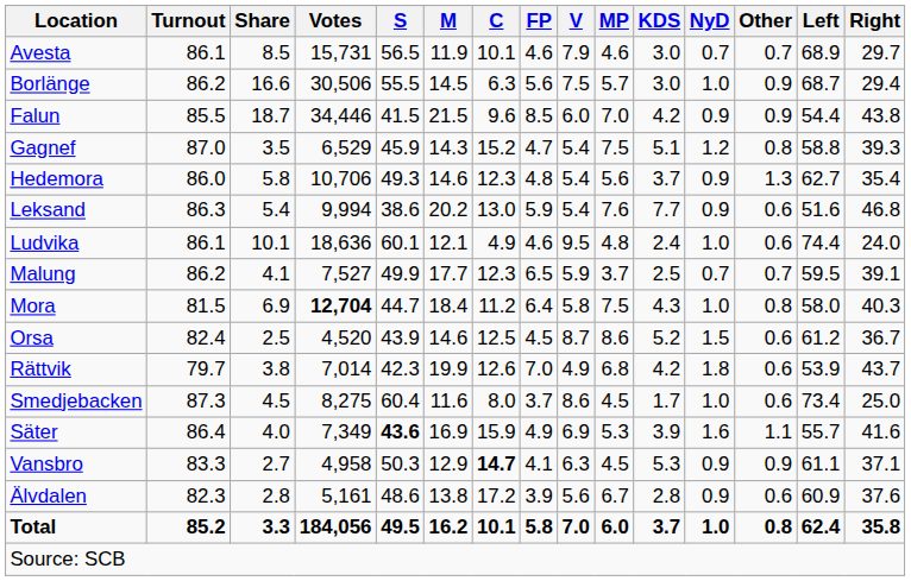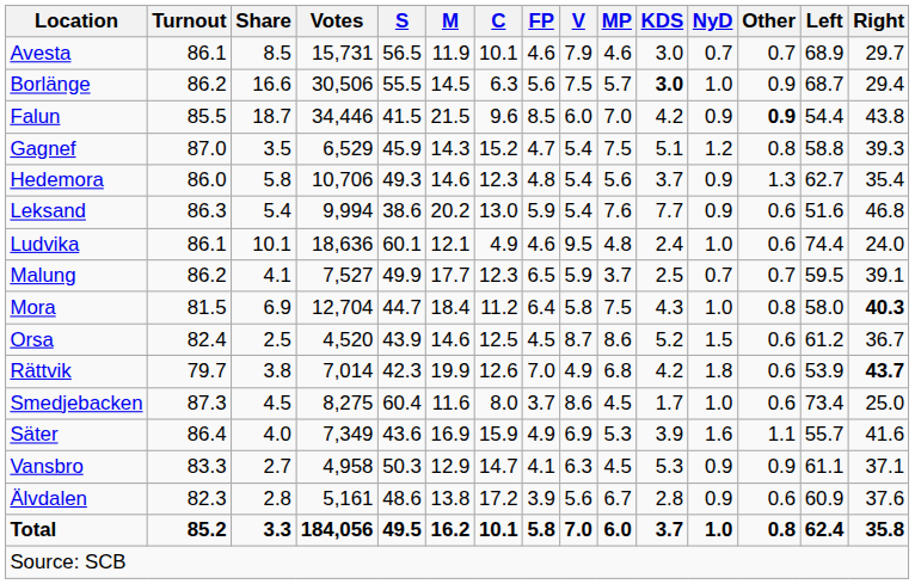 <table class="wikitable sortable" style=text-align:right>
 <tr>
 <th>Location</th>
 <th>Turnout</th>
 <th>Share</th>
 <th>Votes</th>
 <th><a href='#'>S</a></th>
 <th><a href='#'>M</a></th>
 <th><a href='#'>C</a></th>
 <th><a href='#'>FP</a></th>
 <th><a href='#'>V</a></th>
 <th><a href='#'>MP</a></th>
 <th><a href='#'>KDS</a></th>
 <th><a href='#'>NyD</a></th>
 <th>Other</th>
 <th>Left</th>
 <th>Right</th>
 </tr>
 <tr>
 <td align=left><a href='#'>Avesta</a></td>
 <td>86.1</td>
 <td>8.5</td>
 <td>15,731</td>
 <td>56.5</td>
 <td>11.9</td>
 <td>10.1</td>
 <td>4.6</td>
 <td>7.9</td>
 <td>4.6</td>
 <td>3.0</td>
 <td>0.7</td>
 <td>0.7</td>
 <td>68.9</td>
 <td>29.7</td>
 </tr>
 <tr>
 <td align=left><a href='#'>Borlänge</a></td>
 <td>86.2</td>
 <td>16.6</td>
 <td>30,506</td>
 <td>55.5</td>
 <td>14.5</td>
 <td>6.3</td>
 <td>5.6</td>
 <td>7.5</td>
 <td>5.7</td>
-<td>3.0</td>
+<td><strong>3.0</strong></td>
 <td>1.0</td>
 <td>0.9</td>
 <td>68.7</td>
 <td>29.4</td>
 </tr>
 <tr>
 <td align=left><a href='#'>Falun</a></td>
 <td>85.5</td>
 <td>18.7</td>
 <td>34,446</td>
 <td>41.5</td>
 <td>21.5</td>
 <td>9.6</td>
 <td>8.5</td>
 <td>6.0</td>
 <td>7.0</td>
 <td>4.2</td>
 <td>0.9</td>
-<td>0.9</td>
+<td><strong>0.9</strong></td>
 <td>54.4</td>
 <td>43.8</td>
 </tr>
 <tr>
 <td align=left><a href='#'>Gagnef</a></td>
 <td>87.0</td>
 <td>3.5</td>
 <td>6,529</td>
 <td>45.9</td>
 <td>14.3</td>
 <td>15.2</td>
 <td>4.7</td>
 <td>5.4</td>
 <td>7.5</td>
 <td>5.1</td>
 <td>1.2</td>
 <td>0.8</td>
 <td>58.8</td>
 <td>39.3</td>
 </tr>
 <tr>
 <td align=left><a href='#'>Hedemora</a></td>
 <td>86.0</td>
 <td>5.8</td>
 <td>10,706</td>
 <td>49.3</td>
 <td>14.6</td>
 <td>12.3</td>
 <td>4.8</td>
 <td>5.4</td>
 <td>5.6</td>
 <td>3.7</td>
 <td>0.9</td>
 <td>1.3</td>
 <td>62.7</td>
 <td>35.4</td>
 </tr>
 <tr>
 <td align=left><a href='#'>Leksand</a></td>
 <td>86.3</td>
 <td>5.4</td>
 <td>9,994</td>
 <td>38.6</td>
 <td>20.2</td>
 <td>13.0</td>
 <td>5.9</td>
 <td>5.4</td>
 <td>7.6</td>
 <td>7.7</td>
 <td>0.9</td>
 <td>0.6</td>
 <td>51.6</td>
 <td>46.8</td>
 </tr>
 <tr>
 <td align=left><a href='#'>Ludvika</a></td>
 <td>86.1</td>
 <td>10.1</td>
 <td>18,636</td>
 <td>60.1</td>
 <td>12.1</td>
 <td>4.9</td>
 <td>4.6</td>
 <td>9.5</td>
 <td>4.8</td>
 <td>2.4</td>
 <td>1.0</td>
 <td>0.6</td>
 <td>74.4</td>
 <td>24.0</td>
 </tr>
 <tr>
 <td align=left><a href='#'>Malung</a></td>
 <td>86.2</td>
 <td>4.1</td>
 <td>7,527</td>
 <td>49.9</td>
 <td>17.7</td>
 <td>12.3</td>
 <td>6.5</td>
 <td>5.9</td>
 <td>3.7</td>
 <td>2.5</td>
 <td>0.7</td>
 <td>0.7</td>
 <td>59.5</td>
 <td>39.1</td>
 </tr>
 <tr>
 <td align=left><a href='#'>Mora</a></td>
 <td>81.5</td>
 <td>6.9</td>
-<td><strong>12,704</strong></td>
+<td>12,704</td>
 <td>44.7</td>
 <td>18.4</td>
 <td>11.2</td>
 <td>6.4</td>
 <td>5.8</td>
 <td>7.5</td>
 <td>4.3</td>
 <td>1.0</td>
 <td>0.8</td>
 <td>58.0</td>
-<td>40.3</td>
+<td><strong>40.3</strong></td>
 </tr>
 <tr>
 <td align=left><a href='#'>Orsa</a></td>
 <td>82.4</td>
 <td>2.5</td>
 <td>4,520</td>
 <td>43.9</td>
 <td>14.6</td>
 <td>12.5</td>
 <td>4.5</td>
 <td>8.7</td>
 <td>8.6</td>
 <td>5.2</td>
 <td>1.5</td>
 <td>0.6</td>
 <td>61.2</td>
 <td>36.7</td>
 </tr>
 <tr>
 <td align=left><a href='#'>Rättvik</a></td>
 <td>79.7</td>
 <td>3.8</td>
 <td>7,014</td>
 <td>42.3</td>
 <td>19.9</td>
 <td>12.6</td>
 <td>7.0</td>
 <td>4.9</td>
 <td>6.8</td>
 <td>4.2</td>
 <td>1.8</td>
 <td>0.6</td>
 <td>53.9</td>
-<td>43.7</td>
+<td><strong>43.7</strong></td>
 </tr>
 <tr>
 <td align=left><a href='#'>Smedjebacken</a></td>
 <td>87.3</td>
 <td>4.5</td>
 <td>8,275</td>
 <td>60.4</td>
 <td>11.6</td>
 <td>8.0</td>
 <td>3.7</td>
 <td>8.6</td>
 <td>4.5</td>
 <td>1.7</td>
 <td>1.0</td>
 <td>0.6</td>
 <td>73.4</td>
 <td>25.0</td>
 </tr>
 <tr>
 <td align=left><a href='#'>Säter</a></td>
 <td>86.4</td>
 <td>4.0</td>
 <td>7,349</td>
-<td><strong>43.6</strong></td>
+<td>43.6</td>
 <td>16.9</td>
 <td>15.9</td>
 <td>4.9</td>
 <td>6.9</td>
 <td>5.3</td>
 <td>3.9</td>
 <td>1.6</td>
 <td>1.1</td>
 <td>55.7</td>
 <td>41.6</td>
 </tr>
 <tr>
 <td align=left><a href='#'>Vansbro</a></td>
 <td>83.3</td>
 <td>2.7</td>
 <td>4,958</td>
 <td>50.3</td>
 <td>12.9</td>
-<td><strong>14.7</strong></td>
+<td>14.7</td>
 <td>4.1</td>
 <td>6.3</td>
 <td>4.5</td>
 <td>5.3</td>
 <td>0.9</td>
 <td>0.9</td>
 <td>61.1</td>
 <td>37.1</td>
 </tr>
 <tr>
 <td align=left><a href='#'>Älvdalen</a></td>
 <td>82.3</td>
 <td>2.8</td>
 <td>5,161</td>
 <td>48.6</td>
 <td>13.8</td>
 <td>17.2</td>
 <td>3.9</td>
 <td>5.6</td>
 <td>6.7</td>
 <td>2.8</td>
 <td>0.9</td>
 <td>0.6</td>
 <td>60.9</td>
 <td>37.6</td>
 </tr>
 <tr>
 <td align=left><strong>Total</strong></td>
 <td><strong>85.2</strong></td>
 <td><strong>3.3</strong></td>
 <td><strong>184,056</strong></td>
 <td><strong>49.5</strong></td>
 <td><strong>16.2</strong></td>
 <td><strong>10.1</strong></td>
 <td><strong>5.8</strong></td>
 <td><strong>7.0</strong></td>
 <td><strong>6.0</strong></td>
 <td><strong>3.7</strong></td>
 <td><strong>1.0</strong></td>
 <td><strong>0.8</strong></td>
 <td><strong>62.4</strong></td>
 <td><strong>35.8</strong></td>
 </tr>
 <tr>
 <td align=left colspan=15>Source: SCB </td>
 </tr>
 </table>
